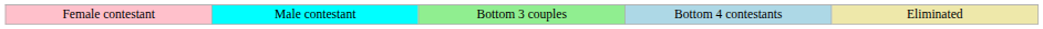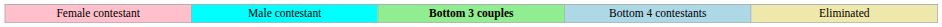 <table class="wikitable" style="margin:1em auto; text-align:center;">
 <tr>
 </tr>
 <tr>
 <td style="background:pink;" width="11%">Female contestant</td>
 <td style="background:cyan;" width="11%">Male contestant</td>
-<td style="background:lightgreen;" width="11%">Bottom 3 couples</td>
+<td style="background:lightgreen;" width="11%"><strong>Bottom 3 couples</strong></td>
 <td style="background:lightblue;" width="11%">Bottom 4 contestants</td>
 <td style="background:palegoldenrod" width="11%">Eliminated</td>
 </tr>
 </table>
